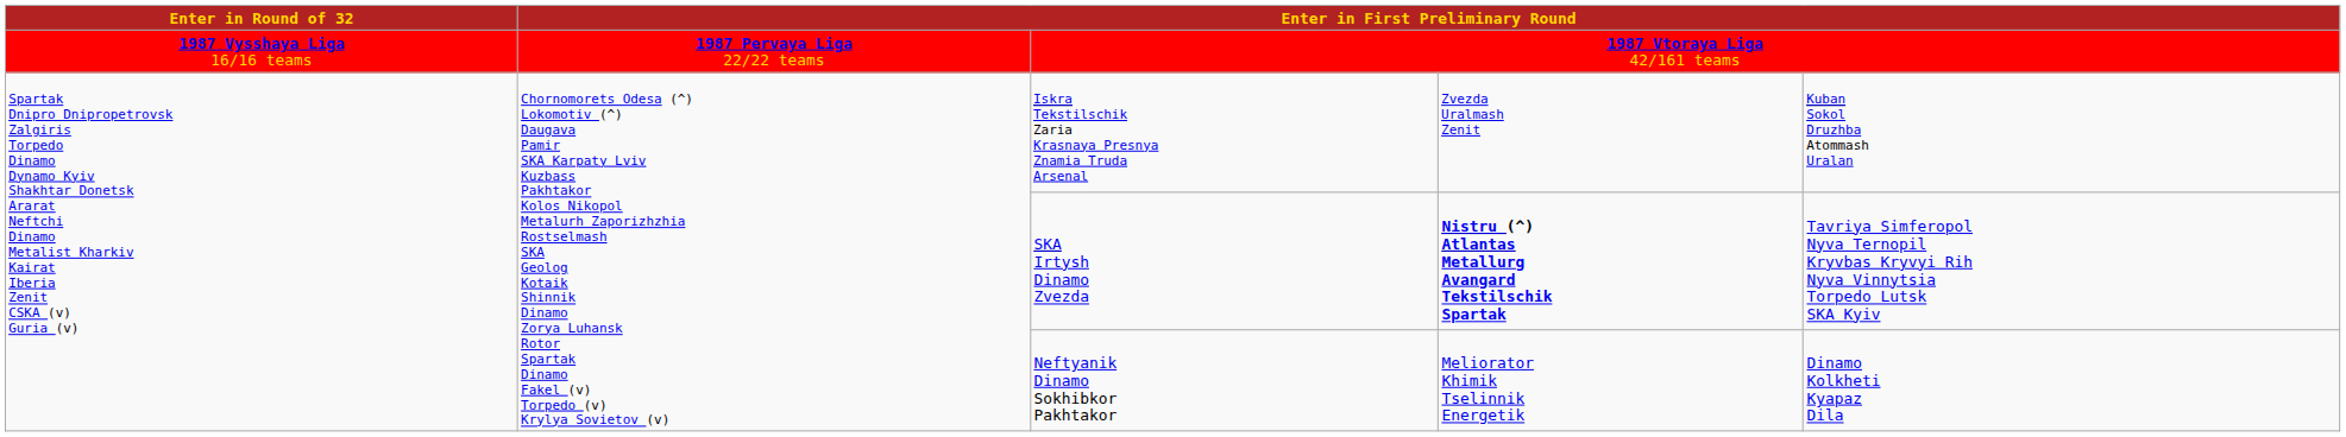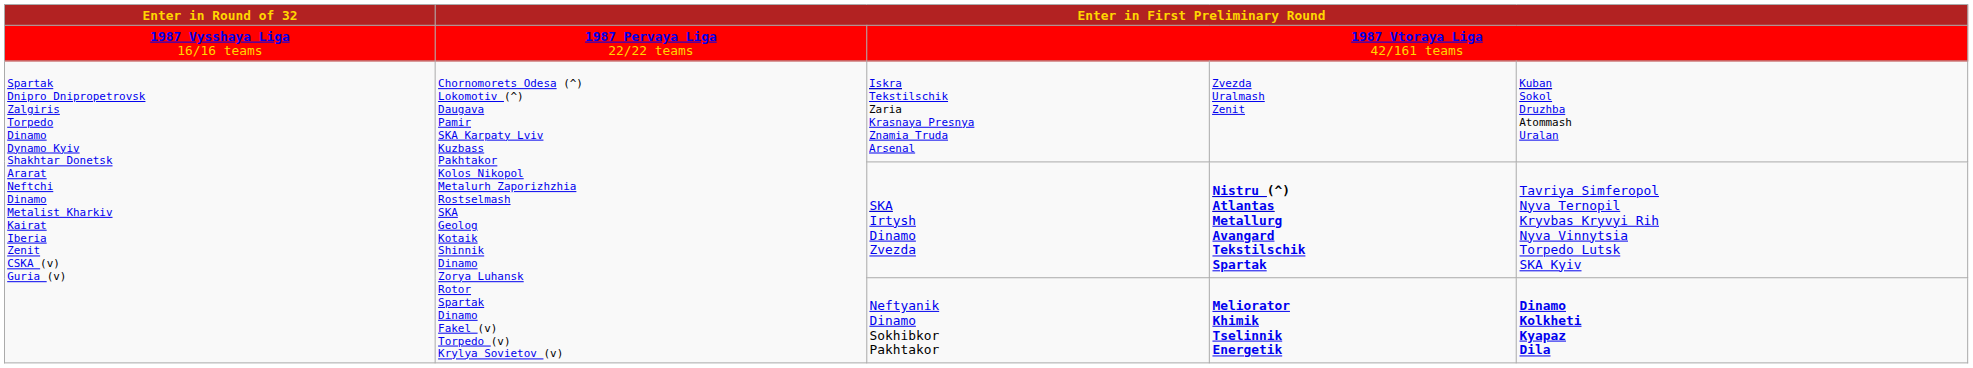 <table class="wikitable" style="width:100%;">
 <tr style="background:Firebrick; text-align:center;">
 <td style="width:18%; color:Gold" colspan="1"><strong>Enter in Round of 32</strong></td>
 <td style="width:82%; color:Gold" colspan="4"><strong>Enter in First Preliminary Round</strong></td>
 </tr>
 <tr style="background:Red;">
 <td style="text-align:center; width:18%; color:Gold"><strong><a href='#'><span>1987 Vysshaya Liga</span></a></strong><br>16/16 teams</td>
 <td style="text-align:center; width:18%; color:Gold"><strong><a href='#'><span>1987 Pervaya Liga</span></a></strong><br>22/22 teams</td>
 <td style="text-align:center; width:46%; color:Gold" colspan=3><strong><a href='#'><span>1987 Vtoraya Liga</span></a></strong><br>42/161 teams</td>
 </tr>
 <tr style="vertical-align:top; font-size:85%;">
 <td rowspan=3><br> <a href='#'>Spartak </a><br>  <a href='#'>Dnipro Dnipropetrovsk</a><br>  <a href='#'>Zalgiris </a><br>  <a href='#'>Torpedo </a><br>  <a href='#'>Dinamo </a><br>  <a href='#'>Dynamo Kyiv</a><br>  <a href='#'>Shakhtar Donetsk</a><br>  <a href='#'>Ararat </a><br>  <a href='#'>Neftchi </a><br>  <a href='#'>Dinamo </a><br>  <a href='#'>Metalist Kharkiv</a><br>  <a href='#'>Kairat </a><br>  <a href='#'>Iberia </a><br>  <a href='#'>Zenit </a><br>  <a href='#'>CSKA </a> (v)<br>  <a href='#'>Guria </a> (v)</td>
 <td rowspan=3><br> <a href='#'>Chornomorets Odesa</a> (^)<br>  <a href='#'>Lokomotiv </a> (^)<br>  <a href='#'>Daugava </a><br>  <a href='#'>Pamir </a><br>  <a href='#'>SKA Karpaty Lviv</a><br>  <a href='#'>Kuzbass </a><br>  <a href='#'>Pakhtakor </a><br>  <a href='#'>Kolos Nikopol</a><br>  <a href='#'>Metalurh Zaporizhzhia</a><br>  <a href='#'>Rostselmash </a><br>  <a href='#'>SKA </a><br>  <a href='#'>Geolog </a><br>  <a href='#'>Kotaik </a><br>  <a href='#'>Shinnik </a><br>  <a href='#'>Dinamo </a><br>  <a href='#'>Zorya Luhansk</a><br>  <a href='#'>Rotor </a><br>  <a href='#'>Spartak </a><br>  <a href='#'>Dinamo </a><br>  <a href='#'>Fakel </a> (v)<br>  <a href='#'>Torpedo </a> (v)<br>  <a href='#'>Krylya Sovietov </a> (v)<br></td>
 <td><br> <u><a href='#'>Iskra </a></u><br>  <a href='#'>Tekstilschik </a><br>  Zaria <br>  <a href='#'>Krasnaya Presnya </a><br>  <a href='#'>Znamia Truda </a><br>  <a href='#'>Arsenal </a><br></td>
 <td><br> <a href='#'>Zvezda </a><br>  <a href='#'>Uralmash </a><br>  <a href='#'>Zenit </a><br></td>
 <td><br> <u><a href='#'>Kuban </a></u><br>  <a href='#'>Sokol </a><br>  <a href='#'>Druzhba </a><br>  Atommash <br>  <a href='#'>Uralan </a><br></td>
 </tr>
 <tr>
 <td><br> <u><a href='#'>SKA </a></u><br>  <a href='#'>Irtysh </a><br>  <a href='#'>Dinamo </a><br>  <a href='#'>Zvezda </a><br></td>
 <td><strong><br> <u><a href='#'>Nistru </a></u> (^)<br>  <u><a href='#'>Atlantas </a></u><br>  <a href='#'>Metallurg </a><br>  <a href='#'>Avangard </a><br>  <a href='#'>Tekstilschik </a><br>  <a href='#'>Spartak </a><br></strong></td>
 <td><br> <a href='#'>Tavriya Simferopol</a><br>  <a href='#'>Nyva Ternopil</a><br>  <a href='#'>Kryvbas Kryvyi Rih</a><br>  <a href='#'>Nyva Vinnytsia</a><br>  <a href='#'>Torpedo Lutsk</a><br>  <a href='#'>SKA Kyiv</a><br></td>
 </tr>
 <tr>
 <td><br> <a href='#'>Neftyanik </a><br>  <a href='#'>Dinamo </a><br>  Sokhibkor <br>  Pakhtakor <br></td>
-<td><br> <a href='#'>Meliorator </a><br>  <a href='#'>Khimik </a><br>  <a href='#'>Tselinnik </a><br>  <a href='#'>Energetik </a><br></td>
-<td><br> <a href='#'>Dinamo </a><br>  <a href='#'>Kolkheti </a><br>  <a href='#'>Kyapaz </a><br>  <a href='#'>Dila </a><br></td>
+<td><strong><br> <a href='#'>Meliorator </a><br>  <a href='#'>Khimik </a><br>  <a href='#'>Tselinnik </a><br>  <a href='#'>Energetik </a><br></strong></td>
+<td><strong><br> <a href='#'>Dinamo </a><br>  <a href='#'>Kolkheti </a><br>  <a href='#'>Kyapaz </a><br>  <a href='#'>Dila </a><br></strong></td>
 </tr>
 </table>
